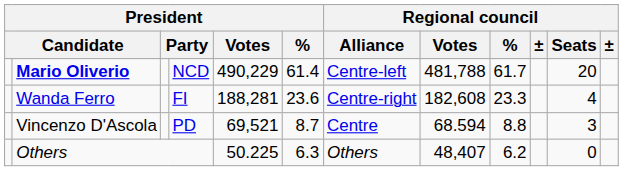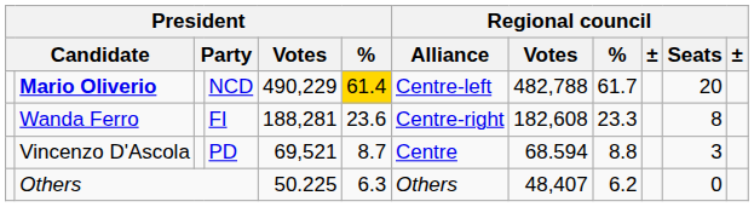 <table class="wikitable" style="text-align:right">
 <tr>
 <th colspan="6">President</th>
 <th colspan="6">Regional council</th>
 </tr>
 <tr>
 <th colspan="2">Candidate</th>
 <th colspan="2">Party</th>
 <th>Votes</th>
 <th>%</th>
 <th>Alliance</th>
 <th>Votes</th>
 <th>%</th>
 <th>±</th>
 <th>Seats</th>
 <th>±</th>
 </tr>
 <tr>
 <td></td>
 <td style="text-align:left"><strong><a href='#'>Mario Oliverio</a></strong></td>
 <td></td>
 <td style="text-align:left"><a href='#'>NCD</a></td>
 <td>490,229</td>
-<td>61.4</td>
+<td style="background: gold;">61.4</td>
 <td style="text-align:left"><a href='#'>Centre-left</a></td>
-<td>481,788</td>
+<td>482,788</td>
 <td>61.7</td>
 <td></td>
 <td>20</td>
 <td></td>
 </tr>
 <tr>
 <td></td>
 <td style="text-align:left"><a href='#'>Wanda Ferro</a></td>
 <td></td>
 <td style="text-align:left"><a href='#'>FI</a></td>
 <td>188,281</td>
 <td>23.6</td>
 <td style="text-align:left"><a href='#'>Centre-right</a></td>
 <td>182,608</td>
 <td>23.3</td>
 <td></td>
-<td>4</td>
+<td>8</td>
 <td></td>
 </tr>
 <tr>
 <td></td>
 <td style="text-align:left">Vincenzo D'Ascola</td>
 <td></td>
 <td style="text-align:left"><a href='#'>PD</a></td>
 <td>69,521</td>
 <td>8.7</td>
 <td style="text-align:left"><a href='#'>Centre</a></td>
 <td>68.594</td>
 <td>8.8</td>
 <td></td>
 <td>3</td>
 <td></td>
 </tr>
 <tr>
 <td></td>
 <td colspan="3" style="text-align:left"><em>Others</em></td>
 <td>50.225</td>
 <td>6.3</td>
 <td style="text-align:left"><em>Others</em></td>
 <td>48,407</td>
 <td>6.2</td>
 <td></td>
 <td>0</td>
 <td></td>
 </tr>
 </table>
